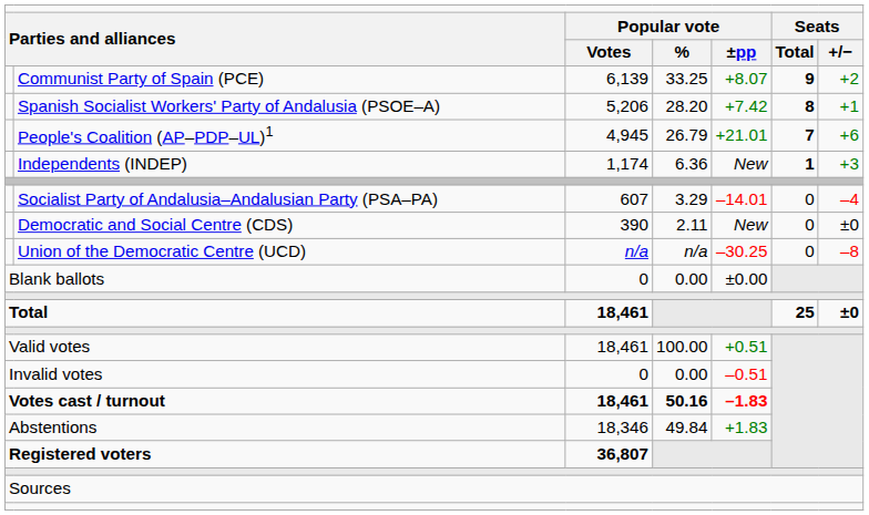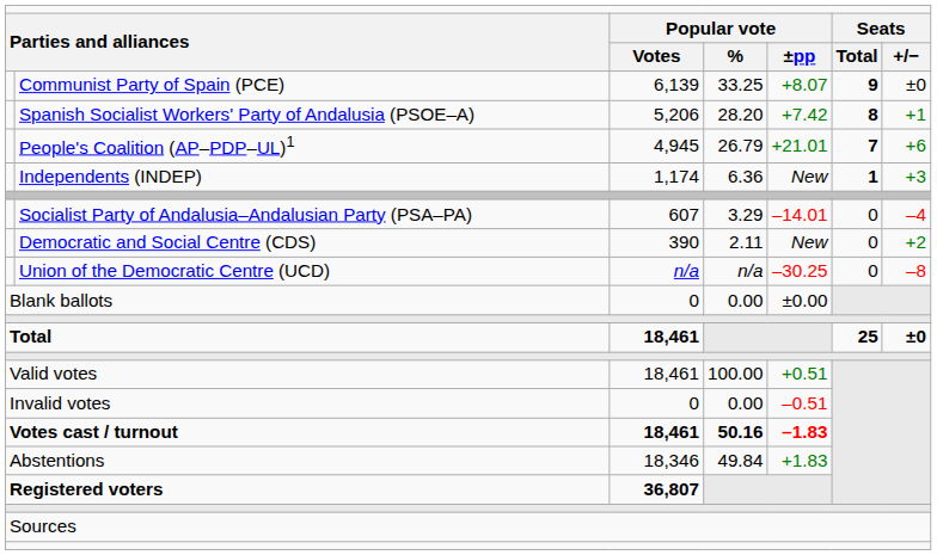 <table class="wikitable" style="text-align:right;">
 <tr>
 <td colspan="7"></td>
 </tr>
 <tr>
 <th style="text-align:left;" rowspan="2" colspan="2" width="525">Parties and alliances</th>
 <th colspan="3">Popular vote</th>
 <th colspan="2">Seats</th>
 </tr>
 <tr>
 <th width="75">Votes</th>
 <th width="45">%</th>
 <th width="45">±<a href='#'>pp</a></th>
 <th width="35">Total</th>
 <th width="35">+/−</th>
 </tr>
 <tr>
 <td width="1" style="color:inherit;background:"></td>
 <td align="left"><a href='#'>Communist Party of Spain</a> (PCE)</td>
 <td>6,139</td>
 <td>33.25</td>
 <td style="color:green;">+8.07</td>
 <td><strong>9</strong></td>
-<td style="color:green;">+2</td>
+<td>±0</td>
 </tr>
 <tr>
 <td style="color:inherit;background:"></td>
 <td align="left"><a href='#'>Spanish Socialist Workers' Party of Andalusia</a> (PSOE–A)</td>
 <td>5,206</td>
 <td>28.20</td>
 <td style="color:green;">+7.42</td>
 <td><strong>8</strong></td>
 <td style="color:green;">+1</td>
 </tr>
 <tr>
 <td style="color:inherit;background:"></td>
 <td align="left"><a href='#'>People's Coalition</a> (<a href='#'>AP</a>–<a href='#'>PDP</a>–<a href='#'>UL</a>)<sup>1</sup></td>
 <td>4,945</td>
 <td>26.79</td>
 <td style="color:green;">+21.01</td>
 <td><strong>7</strong></td>
 <td style="color:green;">+6</td>
 </tr>
 <tr>
 <td style="color:inherit;background:"></td>
 <td align="left"><a href='#'>Independents</a> (INDEP)</td>
 <td>1,174</td>
 <td>6.36</td>
 <td><em>New</em></td>
 <td><strong>1</strong></td>
 <td style="color:green;">+3</td>
 </tr>
 <tr>
 <td colspan="7" bgcolor="#C0C0C0"></td>
 </tr>
 <tr>
 <td style="color:inherit;background:"></td>
 <td align="left"><a href='#'>Socialist Party of Andalusia–Andalusian Party</a> (PSA–PA)</td>
 <td>607</td>
 <td>3.29</td>
 <td style="color:red;">–14.01</td>
 <td>0</td>
 <td style="color:red;">–4</td>
 </tr>
 <tr>
 <td style="color:inherit;background:"></td>
 <td align="left"><a href='#'>Democratic and Social Centre</a> (CDS)</td>
 <td>390</td>
 <td>2.11</td>
 <td><em>New</em></td>
 <td>0</td>
-<td>±0</td>
+<td style="color:green;">+2</td>
 </tr>
 <tr>
 <td style="color:inherit;background:"></td>
 <td align="left"><a href='#'>Union of the Democratic Centre</a> (UCD)</td>
 <td><em><a href='#'>n/a</a></em></td>
 <td><em>n/a</em></td>
 <td style="color:red;">–30.25</td>
 <td>0</td>
 <td style="color:red;">–8</td>
 </tr>
 <tr>
 <td align="left" colspan="2">Blank ballots</td>
 <td>0</td>
 <td>0.00</td>
 <td>±0.00</td>
 <td bgcolor="#E9E9E9" colspan="2"></td>
 </tr>
 <tr>
 <td colspan="7" bgcolor="#E9E9E9"></td>
 </tr>
 <tr style="font-weight:bold;">
 <td align="left" colspan="2">Total</td>
 <td>18,461</td>
 <td bgcolor="#E9E9E9" colspan="2"></td>
 <td>25</td>
 <td>±0</td>
 </tr>
 <tr>
 <td colspan="7" bgcolor="#E9E9E9"></td>
 </tr>
 <tr>
 <td align="left" colspan="2">Valid votes</td>
 <td>18,461</td>
 <td>100.00</td>
 <td style="color:green;">+0.51</td>
 <td bgcolor="#E9E9E9" colspan="2" rowspan="5"></td>
 </tr>
 <tr>
 <td align="left" colspan="2">Invalid votes</td>
 <td>0</td>
 <td>0.00</td>
 <td style="color:red;">–0.51</td>
 </tr>
 <tr style="font-weight:bold;">
 <td align="left" colspan="2">Votes cast / turnout</td>
 <td>18,461</td>
 <td>50.16</td>
 <td style="color:red;">–1.83</td>
 </tr>
 <tr>
 <td align="left" colspan="2">Abstentions</td>
 <td>18,346</td>
 <td>49.84</td>
 <td style="color:green;">+1.83</td>
 </tr>
 <tr style="font-weight:bold;">
 <td align="left" colspan="2">Registered voters</td>
 <td>36,807</td>
 <td bgcolor="#E9E9E9" colspan="2"></td>
 </tr>
 <tr>
 <td colspan="7" bgcolor="#E9E9E9"></td>
 </tr>
 <tr>
 <td align="left" colspan="7">Sources</td>
 </tr>
 <tr>
 <td colspan="7" style="text-align:left; max-width:790px;"></td>
 </tr>
 </table>
